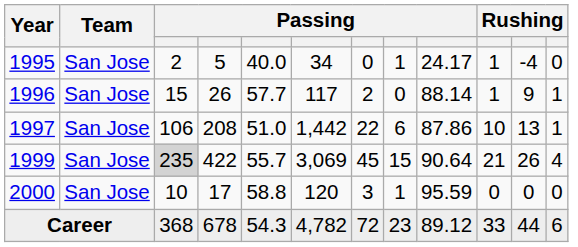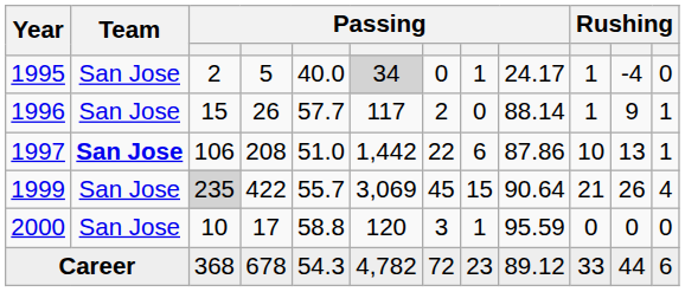 <table class="wikitable sortable" style="text-align:center">
 <tr>
 <th rowspan=2>Year</th>
 <th rowspan=2>Team</th>
 <th colspan=7>Passing</th>
 <th colspan=3>Rushing</th>
 </tr>
 <tr>
 <th></th>
 <th></th>
 <th></th>
 <th></th>
 <th></th>
 <th></th>
 <th></th>
 <th></th>
 <th></th>
 <th></th>
 </tr>
 <tr>
 <td><a href='#'>1995</a></td>
 <td><a href='#'>San Jose</a></td>
 <td>2</td>
 <td>5</td>
 <td>40.0</td>
-<td>34</td>
+<td style="background: lightgrey;">34</td>
 <td>0</td>
 <td>1</td>
 <td>24.17</td>
 <td>1</td>
 <td>-4</td>
 <td>0</td>
 </tr>
 <tr>
 <td><a href='#'>1996</a></td>
 <td><a href='#'>San Jose</a></td>
 <td>15</td>
 <td>26</td>
 <td>57.7</td>
 <td>117</td>
 <td>2</td>
 <td>0</td>
 <td>88.14</td>
 <td>1</td>
 <td>9</td>
 <td>1</td>
 </tr>
 <tr>
 <td><a href='#'>1997</a></td>
-<td><a href='#'>San Jose</a></td>
+<td><strong><a href='#'>San Jose</a></strong></td>
 <td>106</td>
 <td>208</td>
 <td>51.0</td>
 <td>1,442</td>
 <td>22</td>
 <td>6</td>
 <td>87.86</td>
 <td>10</td>
 <td>13</td>
 <td>1</td>
 </tr>
 <tr>
 <td><a href='#'>1999</a></td>
 <td><a href='#'>San Jose</a></td>
 <td style="background: lightgrey;">235</td>
 <td>422</td>
 <td>55.7</td>
 <td>3,069</td>
 <td>45</td>
 <td>15</td>
 <td>90.64</td>
 <td>21</td>
 <td>26</td>
 <td>4</td>
 </tr>
 <tr>
 <td><a href='#'>2000</a></td>
 <td><a href='#'>San Jose</a></td>
 <td>10</td>
 <td>17</td>
 <td>58.8</td>
 <td>120</td>
 <td>3</td>
 <td>1</td>
 <td>95.59</td>
 <td>0</td>
 <td>0</td>
 <td>0</td>
 </tr>
 <tr class="sortbottom" style="background:#eee;">
 <td colspan=2><strong>Career</strong></td>
 <td>368</td>
 <td>678</td>
 <td>54.3</td>
 <td>4,782</td>
 <td>72</td>
 <td>23</td>
 <td>89.12</td>
 <td>33</td>
 <td>44</td>
 <td>6</td>
 </tr>
 </table>
